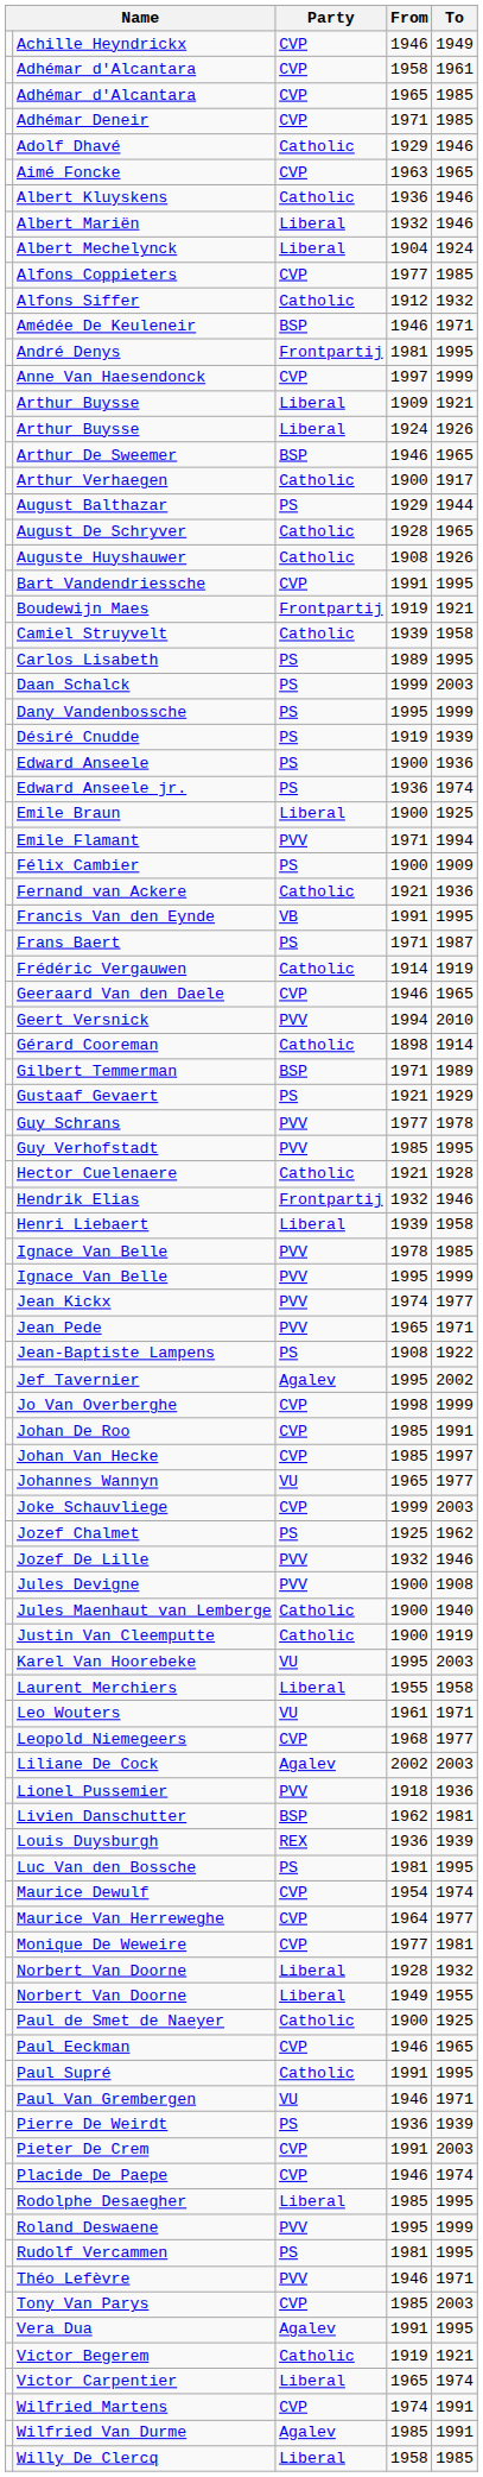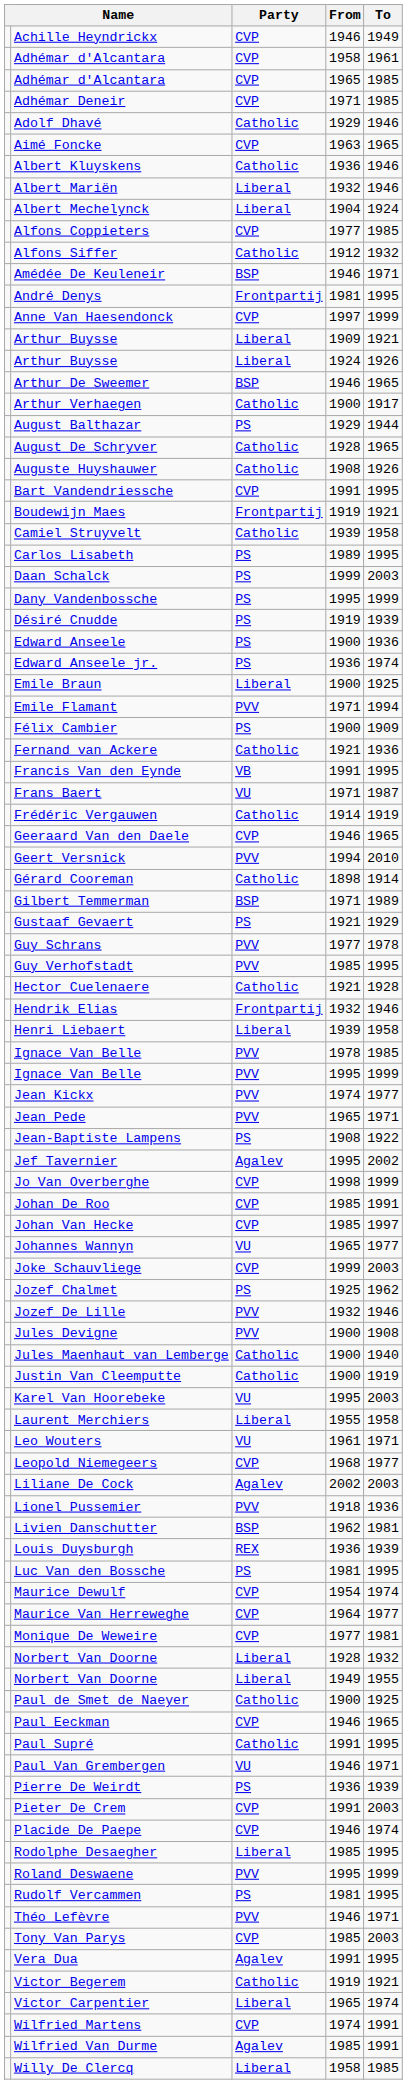 <table class="wikitable sortable">
 <tr>
 <th colspan=2>Name</th>
 <th>Party</th>
 <th>From</th>
 <th>To</th>
 </tr>
 <tr>
 <td style="background-color: "></td>
 <td><a href='#'>Achille Heyndrickx</a></td>
 <td><a href='#'>CVP</a></td>
 <td>1946</td>
 <td>1949</td>
 </tr>
 <tr>
 <td style="background-color: "></td>
 <td><a href='#'>Adhémar d'Alcantara</a></td>
 <td><a href='#'>CVP</a></td>
 <td>1958</td>
 <td>1961</td>
 </tr>
 <tr>
 <td style="background-color: "></td>
 <td><a href='#'>Adhémar d'Alcantara</a></td>
 <td><a href='#'>CVP</a></td>
 <td>1965</td>
 <td>1985</td>
 </tr>
 <tr>
 <td style="background-color: "></td>
 <td><a href='#'>Adhémar Deneir</a></td>
 <td><a href='#'>CVP</a></td>
 <td>1971</td>
 <td>1985</td>
 </tr>
 <tr>
 <td style="background-color: "></td>
 <td><a href='#'>Adolf Dhavé</a></td>
 <td><a href='#'>Catholic</a></td>
 <td>1929</td>
 <td>1946</td>
 </tr>
 <tr>
 <td style="background-color: "></td>
 <td><a href='#'>Aimé Foncke</a></td>
 <td><a href='#'>CVP</a></td>
 <td>1963</td>
 <td>1965</td>
 </tr>
 <tr>
 <td style="background-color: "></td>
 <td><a href='#'>Albert Kluyskens</a></td>
 <td><a href='#'>Catholic</a></td>
 <td>1936</td>
 <td>1946</td>
 </tr>
 <tr>
 <td style="background-color: "></td>
 <td><a href='#'>Albert Mariën</a></td>
 <td><a href='#'>Liberal</a></td>
 <td>1932</td>
 <td>1946</td>
 </tr>
 <tr>
 <td style="background-color: "></td>
 <td><a href='#'>Albert Mechelynck</a></td>
 <td><a href='#'>Liberal</a></td>
 <td>1904</td>
 <td>1924</td>
 </tr>
 <tr>
 <td style="background-color: "></td>
 <td><a href='#'>Alfons Coppieters</a></td>
 <td><a href='#'>CVP</a></td>
 <td>1977</td>
 <td>1985</td>
 </tr>
 <tr>
 <td style="background-color: "></td>
 <td><a href='#'>Alfons Siffer</a></td>
 <td><a href='#'>Catholic</a></td>
 <td>1912</td>
 <td>1932</td>
 </tr>
 <tr>
 <td style="background-color: "></td>
 <td><a href='#'>Amédée De Keuleneir</a></td>
 <td><a href='#'>BSP</a></td>
 <td>1946</td>
 <td>1971</td>
 </tr>
 <tr>
 <td style="background-color: "></td>
 <td><a href='#'>André Denys</a></td>
 <td><a href='#'>Frontpartij</a></td>
 <td>1981</td>
 <td>1995</td>
 </tr>
 <tr>
 <td style="background-color: "></td>
 <td><a href='#'>Anne Van Haesendonck</a></td>
 <td><a href='#'>CVP</a></td>
 <td>1997</td>
 <td>1999</td>
 </tr>
 <tr>
 <td style="background-color: "></td>
 <td><a href='#'>Arthur Buysse</a></td>
 <td><a href='#'>Liberal</a></td>
 <td>1909</td>
 <td>1921</td>
 </tr>
 <tr>
 <td style="background-color: "></td>
 <td><a href='#'>Arthur Buysse</a></td>
 <td><a href='#'>Liberal</a></td>
 <td>1924</td>
 <td>1926</td>
 </tr>
 <tr>
 <td style="background-color: "></td>
 <td><a href='#'>Arthur De Sweemer</a></td>
 <td><a href='#'>BSP</a></td>
 <td>1946</td>
 <td>1965</td>
 </tr>
 <tr>
 <td style="background-color: "></td>
 <td><a href='#'>Arthur Verhaegen</a></td>
 <td><a href='#'>Catholic</a></td>
 <td>1900</td>
 <td>1917</td>
 </tr>
 <tr>
 <td style="background-color: "></td>
 <td><a href='#'>August Balthazar</a></td>
 <td><a href='#'>PS</a></td>
 <td>1929</td>
 <td>1944</td>
 </tr>
 <tr>
 <td style="background-color: "></td>
 <td><a href='#'>August De Schryver</a></td>
 <td><a href='#'>Catholic</a></td>
 <td>1928</td>
 <td>1965</td>
 </tr>
 <tr>
 <td style="background-color: "></td>
 <td><a href='#'>Auguste Huyshauwer</a></td>
 <td><a href='#'>Catholic</a></td>
 <td>1908</td>
 <td>1926</td>
 </tr>
 <tr>
 <td style="background-color: "></td>
 <td><a href='#'>Bart Vandendriessche</a></td>
 <td><a href='#'>CVP</a></td>
 <td>1991</td>
 <td>1995</td>
 </tr>
 <tr>
 <td style="background-color: "></td>
 <td><a href='#'>Boudewijn Maes</a></td>
 <td><a href='#'>Frontpartij</a></td>
 <td>1919</td>
 <td>1921</td>
 </tr>
 <tr>
 <td style="background-color: "></td>
 <td><a href='#'>Camiel Struyvelt</a></td>
 <td><a href='#'>Catholic</a></td>
 <td>1939</td>
 <td>1958</td>
 </tr>
 <tr>
 <td style="background-color: "></td>
 <td><a href='#'>Carlos Lisabeth</a></td>
 <td><a href='#'>PS</a></td>
 <td>1989</td>
 <td>1995</td>
 </tr>
 <tr>
 <td style="background-color: "></td>
 <td><a href='#'>Daan Schalck</a></td>
 <td><a href='#'>PS</a></td>
 <td>1999</td>
 <td>2003</td>
 </tr>
 <tr>
 <td style="background-color: "></td>
 <td><a href='#'>Dany Vandenbossche</a></td>
 <td><a href='#'>PS</a></td>
 <td>1995</td>
 <td>1999</td>
 </tr>
 <tr>
 <td style="background-color: "></td>
 <td><a href='#'>Désiré Cnudde</a></td>
 <td><a href='#'>PS</a></td>
 <td>1919</td>
 <td>1939</td>
 </tr>
 <tr>
 <td style="background-color: "></td>
 <td><a href='#'>Edward Anseele</a></td>
 <td><a href='#'>PS</a></td>
 <td>1900</td>
 <td>1936</td>
 </tr>
 <tr>
 <td style="background-color: "></td>
 <td><a href='#'>Edward Anseele jr.</a></td>
 <td><a href='#'>PS</a></td>
 <td>1936</td>
 <td>1974</td>
 </tr>
 <tr>
 <td style="background-color: "></td>
 <td><a href='#'>Emile Braun</a></td>
 <td><a href='#'>Liberal</a></td>
 <td>1900</td>
 <td>1925</td>
 </tr>
 <tr>
 <td style="background-color: "></td>
 <td><a href='#'>Emile Flamant</a></td>
 <td><a href='#'>PVV</a></td>
 <td>1971</td>
 <td>1994</td>
 </tr>
 <tr>
 <td style="background-color: "></td>
 <td><a href='#'>Félix Cambier</a></td>
 <td><a href='#'>PS</a></td>
 <td>1900</td>
 <td>1909</td>
 </tr>
 <tr>
 <td style="background-color: "></td>
 <td><a href='#'>Fernand van Ackere</a></td>
 <td><a href='#'>Catholic</a></td>
 <td>1921</td>
 <td>1936</td>
 </tr>
 <tr>
 <td style="background-color: "></td>
 <td><a href='#'>Francis Van den Eynde</a></td>
 <td><a href='#'>VB</a></td>
 <td>1991</td>
 <td>1995</td>
 </tr>
 <tr>
 <td style="background-color: "></td>
 <td><a href='#'>Frans Baert</a></td>
-<td><a href='#'>PS</a></td>
+<td><a href='#'>VU</a></td>
 <td>1971</td>
 <td>1987</td>
 </tr>
 <tr>
 <td style="background-color: "></td>
 <td><a href='#'>Frédéric Vergauwen</a></td>
 <td><a href='#'>Catholic</a></td>
 <td>1914</td>
 <td>1919</td>
 </tr>
 <tr>
 <td style="background-color: "></td>
 <td><a href='#'>Geeraard Van den Daele</a></td>
 <td><a href='#'>CVP</a></td>
 <td>1946</td>
 <td>1965</td>
 </tr>
 <tr>
 <td style="background-color: "></td>
 <td><a href='#'>Geert Versnick</a></td>
 <td><a href='#'>PVV</a></td>
 <td>1994</td>
 <td>2010</td>
 </tr>
 <tr>
 <td style="background-color: "></td>
 <td><a href='#'>Gérard Cooreman</a></td>
 <td><a href='#'>Catholic</a></td>
 <td>1898</td>
 <td>1914</td>
 </tr>
 <tr>
 <td style="background-color: "></td>
 <td><a href='#'>Gilbert Temmerman</a></td>
 <td><a href='#'>BSP</a></td>
 <td>1971</td>
 <td>1989</td>
 </tr>
 <tr>
 <td style="background-color: "></td>
 <td><a href='#'>Gustaaf Gevaert</a></td>
 <td><a href='#'>PS</a></td>
 <td>1921</td>
 <td>1929</td>
 </tr>
 <tr>
 <td style="background-color: "></td>
 <td><a href='#'>Guy Schrans</a></td>
 <td><a href='#'>PVV</a></td>
 <td>1977</td>
 <td>1978</td>
 </tr>
 <tr>
 <td style="background-color: "></td>
 <td><a href='#'>Guy Verhofstadt</a></td>
 <td><a href='#'>PVV</a></td>
 <td>1985</td>
 <td>1995</td>
 </tr>
 <tr>
 <td style="background-color: "></td>
 <td><a href='#'>Hector Cuelenaere</a></td>
 <td><a href='#'>Catholic</a></td>
 <td>1921</td>
 <td>1928</td>
 </tr>
 <tr>
 <td style="background-color: "></td>
 <td><a href='#'>Hendrik Elias</a></td>
 <td><a href='#'>Frontpartij</a></td>
 <td>1932</td>
 <td>1946</td>
 </tr>
 <tr>
 <td style="background-color: "></td>
 <td><a href='#'>Henri Liebaert</a></td>
 <td><a href='#'>Liberal</a></td>
 <td>1939</td>
 <td>1958</td>
 </tr>
 <tr>
 <td style="background-color: "></td>
 <td><a href='#'>Ignace Van Belle</a></td>
 <td><a href='#'>PVV</a></td>
 <td>1978</td>
 <td>1985</td>
 </tr>
 <tr>
 <td style="background-color: "></td>
 <td><a href='#'>Ignace Van Belle</a></td>
 <td><a href='#'>PVV</a></td>
 <td>1995</td>
 <td>1999</td>
 </tr>
 <tr>
 <td style="background-color: "></td>
 <td><a href='#'>Jean Kickx</a></td>
 <td><a href='#'>PVV</a></td>
 <td>1974</td>
 <td>1977</td>
 </tr>
 <tr>
 <td style="background-color: "></td>
 <td><a href='#'>Jean Pede</a></td>
 <td><a href='#'>PVV</a></td>
 <td>1965</td>
 <td>1971</td>
 </tr>
 <tr>
 <td style="background-color: "></td>
 <td><a href='#'>Jean-Baptiste Lampens</a></td>
 <td><a href='#'>PS</a></td>
 <td>1908</td>
 <td>1922</td>
 </tr>
 <tr>
 <td style="background-color: "></td>
 <td><a href='#'>Jef Tavernier</a></td>
 <td><a href='#'>Agalev</a></td>
 <td>1995</td>
 <td>2002</td>
 </tr>
 <tr>
 <td style="background-color: "></td>
 <td><a href='#'>Jo Van Overberghe</a></td>
 <td><a href='#'>CVP</a></td>
 <td>1998</td>
 <td>1999</td>
 </tr>
 <tr>
 <td style="background-color: "></td>
 <td><a href='#'>Johan De Roo</a></td>
 <td><a href='#'>CVP</a></td>
 <td>1985</td>
 <td>1991</td>
 </tr>
 <tr>
 <td style="background-color: "></td>
 <td><a href='#'>Johan Van Hecke</a></td>
 <td><a href='#'>CVP</a></td>
 <td>1985</td>
 <td>1997</td>
 </tr>
 <tr>
 <td style="background-color: "></td>
 <td><a href='#'>Johannes Wannyn</a></td>
 <td><a href='#'>VU</a></td>
 <td>1965</td>
 <td>1977</td>
 </tr>
 <tr>
 <td style="background-color: "></td>
 <td><a href='#'>Joke Schauvliege</a></td>
 <td><a href='#'>CVP</a></td>
 <td>1999</td>
 <td>2003</td>
 </tr>
 <tr>
 <td style="background-color: "></td>
 <td><a href='#'>Jozef Chalmet</a></td>
 <td><a href='#'>PS</a></td>
 <td>1925</td>
 <td>1962</td>
 </tr>
 <tr>
 <td style="background-color: "></td>
 <td><a href='#'>Jozef De Lille</a></td>
 <td><a href='#'>PVV</a></td>
 <td>1932</td>
 <td>1946</td>
 </tr>
 <tr>
 <td style="background-color: "></td>
 <td><a href='#'>Jules Devigne</a></td>
 <td><a href='#'>PVV</a></td>
 <td>1900</td>
 <td>1908</td>
 </tr>
 <tr>
 <td style="background-color: "></td>
 <td><a href='#'>Jules Maenhaut van Lemberge</a></td>
 <td><a href='#'>Catholic</a></td>
 <td>1900</td>
 <td>1940</td>
 </tr>
 <tr>
 <td style="background-color: "></td>
 <td><a href='#'>Justin Van Cleemputte</a></td>
 <td><a href='#'>Catholic</a></td>
 <td>1900</td>
 <td>1919</td>
 </tr>
 <tr>
 <td style="background-color: "></td>
 <td><a href='#'>Karel Van Hoorebeke</a></td>
 <td><a href='#'>VU</a></td>
 <td>1995</td>
 <td>2003</td>
 </tr>
 <tr>
 <td style="background-color: "></td>
 <td><a href='#'>Laurent Merchiers</a></td>
 <td><a href='#'>Liberal</a></td>
 <td>1955</td>
 <td>1958</td>
 </tr>
 <tr>
 <td style="background-color: "></td>
 <td><a href='#'>Leo Wouters</a></td>
 <td><a href='#'>VU</a></td>
 <td>1961</td>
 <td>1971</td>
 </tr>
 <tr>
 <td style="background-color: "></td>
 <td><a href='#'>Leopold Niemegeers</a></td>
 <td><a href='#'>CVP</a></td>
 <td>1968</td>
 <td>1977</td>
 </tr>
 <tr>
 <td style="background-color: "></td>
 <td><a href='#'>Liliane De Cock</a></td>
 <td><a href='#'>Agalev</a></td>
 <td>2002</td>
 <td>2003</td>
 </tr>
 <tr>
 <td style="background-color: "></td>
 <td><a href='#'>Lionel Pussemier</a></td>
 <td><a href='#'>PVV</a></td>
 <td>1918</td>
 <td>1936</td>
 </tr>
 <tr>
 <td style="background-color: "></td>
 <td><a href='#'>Livien Danschutter</a></td>
 <td><a href='#'>BSP</a></td>
 <td>1962</td>
 <td>1981</td>
 </tr>
 <tr>
 <td style="background-color: "></td>
 <td><a href='#'>Louis Duysburgh</a></td>
 <td><a href='#'>REX</a></td>
 <td>1936</td>
 <td>1939</td>
 </tr>
 <tr>
 <td style="background-color: "></td>
 <td><a href='#'>Luc Van den Bossche</a></td>
 <td><a href='#'>PS</a></td>
 <td>1981</td>
 <td>1995</td>
 </tr>
 <tr>
 <td style="background-color: "></td>
 <td><a href='#'>Maurice Dewulf</a></td>
 <td><a href='#'>CVP</a></td>
 <td>1954</td>
 <td>1974</td>
 </tr>
 <tr>
 <td style="background-color: "></td>
 <td><a href='#'>Maurice Van Herreweghe</a></td>
 <td><a href='#'>CVP</a></td>
 <td>1964</td>
 <td>1977</td>
 </tr>
 <tr>
 <td style="background-color: "></td>
 <td><a href='#'>Monique De Weweire</a></td>
 <td><a href='#'>CVP</a></td>
 <td>1977</td>
 <td>1981</td>
 </tr>
 <tr>
 <td style="background-color: "></td>
 <td><a href='#'>Norbert Van Doorne</a></td>
 <td><a href='#'>Liberal</a></td>
 <td>1928</td>
 <td>1932</td>
 </tr>
 <tr>
 <td style="background-color: "></td>
 <td><a href='#'>Norbert Van Doorne</a></td>
 <td><a href='#'>Liberal</a></td>
 <td>1949</td>
 <td>1955</td>
 </tr>
 <tr>
 <td style="background-color: "></td>
 <td><a href='#'>Paul de Smet de Naeyer</a></td>
 <td><a href='#'>Catholic</a></td>
 <td>1900</td>
 <td>1925</td>
 </tr>
 <tr>
 <td style="background-color: "></td>
 <td><a href='#'>Paul Eeckman</a></td>
 <td><a href='#'>CVP</a></td>
 <td>1946</td>
 <td>1965</td>
 </tr>
 <tr>
 <td style="background-color: "></td>
 <td><a href='#'>Paul Supré</a></td>
 <td><a href='#'>Catholic</a></td>
 <td>1991</td>
 <td>1995</td>
 </tr>
 <tr>
 <td style="background-color: "></td>
 <td><a href='#'>Paul Van Grembergen</a></td>
 <td><a href='#'>VU</a></td>
 <td>1946</td>
 <td>1971</td>
 </tr>
 <tr>
 <td style="background-color: "></td>
 <td><a href='#'>Pierre De Weirdt</a></td>
 <td><a href='#'>PS</a></td>
 <td>1936</td>
 <td>1939</td>
 </tr>
 <tr>
 <td style="background-color: "></td>
 <td><a href='#'>Pieter De Crem</a></td>
 <td><a href='#'>CVP</a></td>
 <td>1991</td>
 <td>2003</td>
 </tr>
 <tr>
 <td style="background-color: "></td>
 <td><a href='#'>Placide De Paepe</a></td>
 <td><a href='#'>CVP</a></td>
 <td>1946</td>
 <td>1974</td>
 </tr>
 <tr>
 <td style="background-color: "></td>
 <td><a href='#'>Rodolphe Desaegher</a></td>
 <td><a href='#'>Liberal</a></td>
 <td>1985</td>
 <td>1995</td>
 </tr>
 <tr>
 <td style="background-color: "></td>
 <td><a href='#'>Roland Deswaene</a></td>
 <td><a href='#'>PVV</a></td>
 <td>1995</td>
 <td>1999</td>
 </tr>
 <tr>
 <td style="background-color: "></td>
 <td><a href='#'>Rudolf Vercammen</a></td>
 <td><a href='#'>PS</a></td>
 <td>1981</td>
 <td>1995</td>
 </tr>
 <tr>
 <td style="background-color: "></td>
 <td><a href='#'>Théo Lefèvre</a></td>
 <td><a href='#'>PVV</a></td>
 <td>1946</td>
 <td>1971</td>
 </tr>
 <tr>
 <td style="background-color: "></td>
 <td><a href='#'>Tony Van Parys</a></td>
 <td><a href='#'>CVP</a></td>
 <td>1985</td>
 <td>2003</td>
 </tr>
 <tr>
 <td style="background-color: "></td>
 <td><a href='#'>Vera Dua</a></td>
 <td><a href='#'>Agalev</a></td>
 <td>1991</td>
 <td>1995</td>
 </tr>
 <tr>
 <td style="background-color: "></td>
 <td><a href='#'>Victor Begerem</a></td>
 <td><a href='#'>Catholic</a></td>
 <td>1919</td>
 <td>1921</td>
 </tr>
 <tr>
 <td style="background-color: "></td>
 <td><a href='#'>Victor Carpentier</a></td>
 <td><a href='#'>Liberal</a></td>
 <td>1965</td>
 <td>1974</td>
 </tr>
 <tr>
 <td style="background-color: "></td>
 <td><a href='#'>Wilfried Martens</a></td>
 <td><a href='#'>CVP</a></td>
 <td>1974</td>
 <td>1991</td>
 </tr>
 <tr>
 <td style="background-color: "></td>
 <td><a href='#'>Wilfried Van Durme</a></td>
 <td><a href='#'>Agalev</a></td>
 <td>1985</td>
 <td>1991</td>
 </tr>
 <tr>
 <td style="background-color: "></td>
 <td><a href='#'>Willy De Clercq</a></td>
 <td><a href='#'>Liberal</a></td>
 <td>1958</td>
 <td>1985</td>
 </tr>
 </table>
